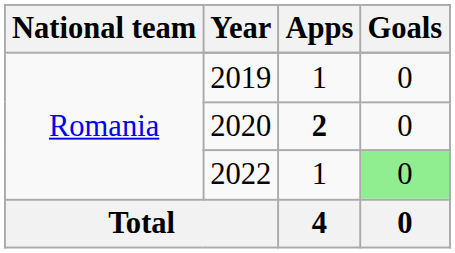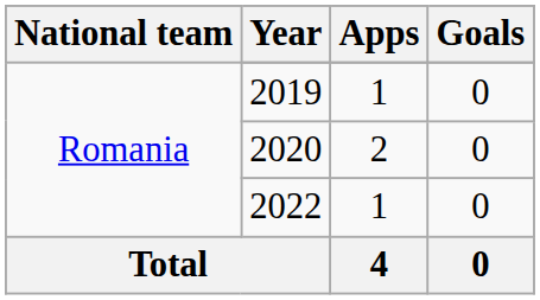 <table class="wikitable" style="text-align: center">
 <tr>
 <th>National team</th>
 <th>Year</th>
 <th>Apps</th>
 <th>Goals</th>
 </tr>
 <tr>
 <td rowspan="4"><a href='#'>Romania</a></td>
 </tr>
 <tr>
 <td>2019</td>
 <td>1</td>
 <td>0</td>
 </tr>
 <tr>
 <td>2020</td>
-<td><strong>2</strong></td>
+<td>2</td>
 <td>0</td>
 </tr>
 <tr>
 <td>2022</td>
 <td>1</td>
-<td style="background: lightgreen;">0</td>
+<td>0</td>
 </tr>
 <tr>
 <th colspan=2>Total</th>
 <th>4</th>
 <th>0</th>
 </tr>
 </table>
